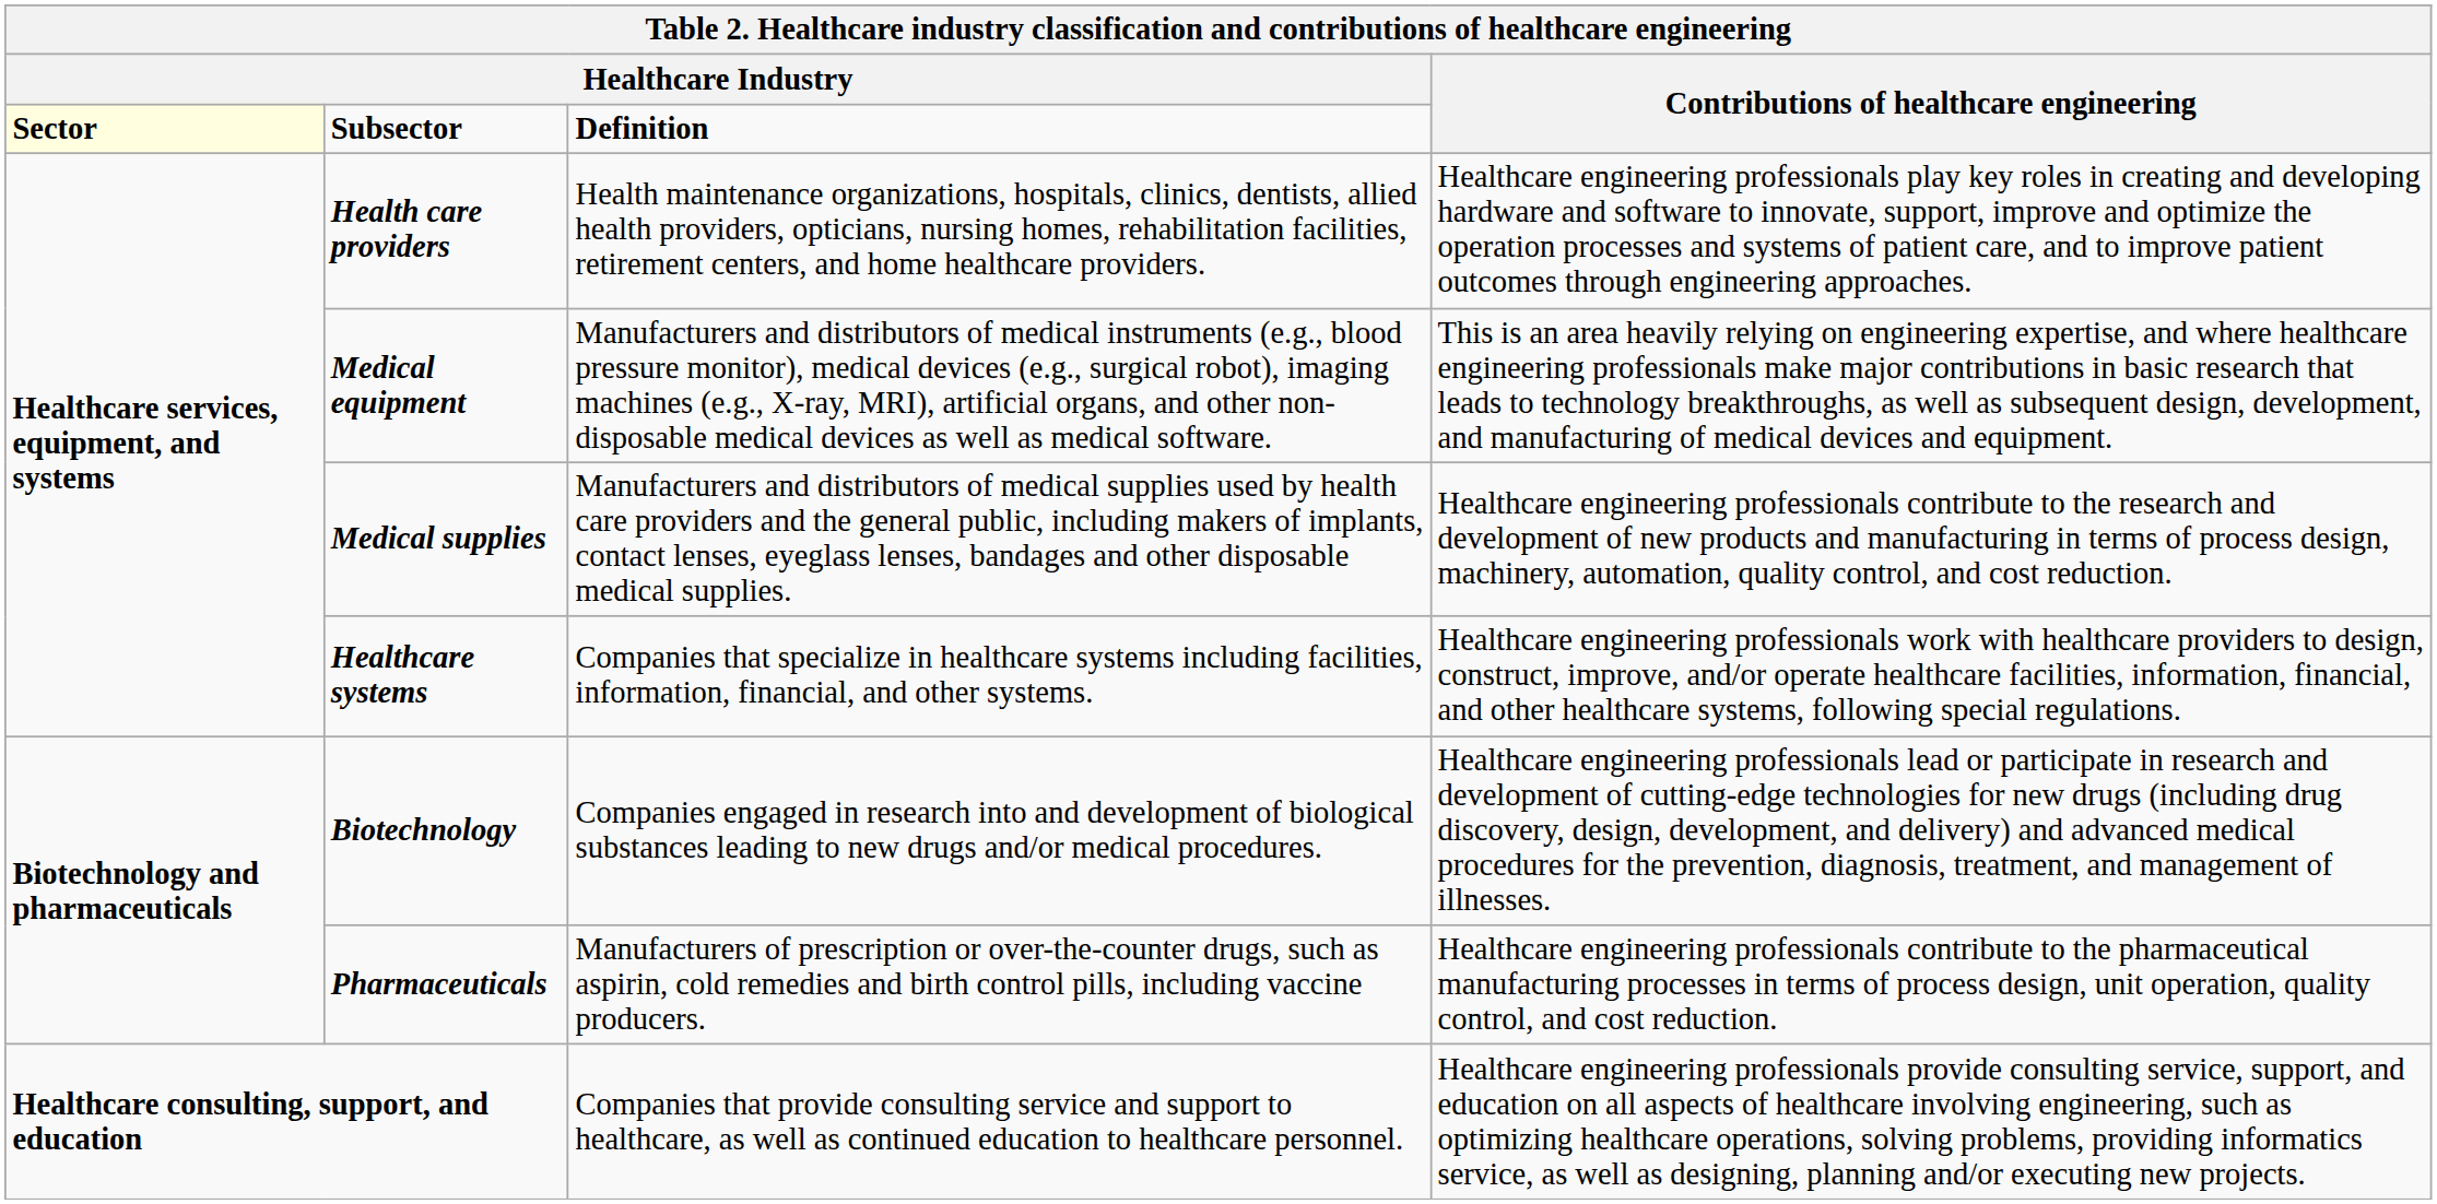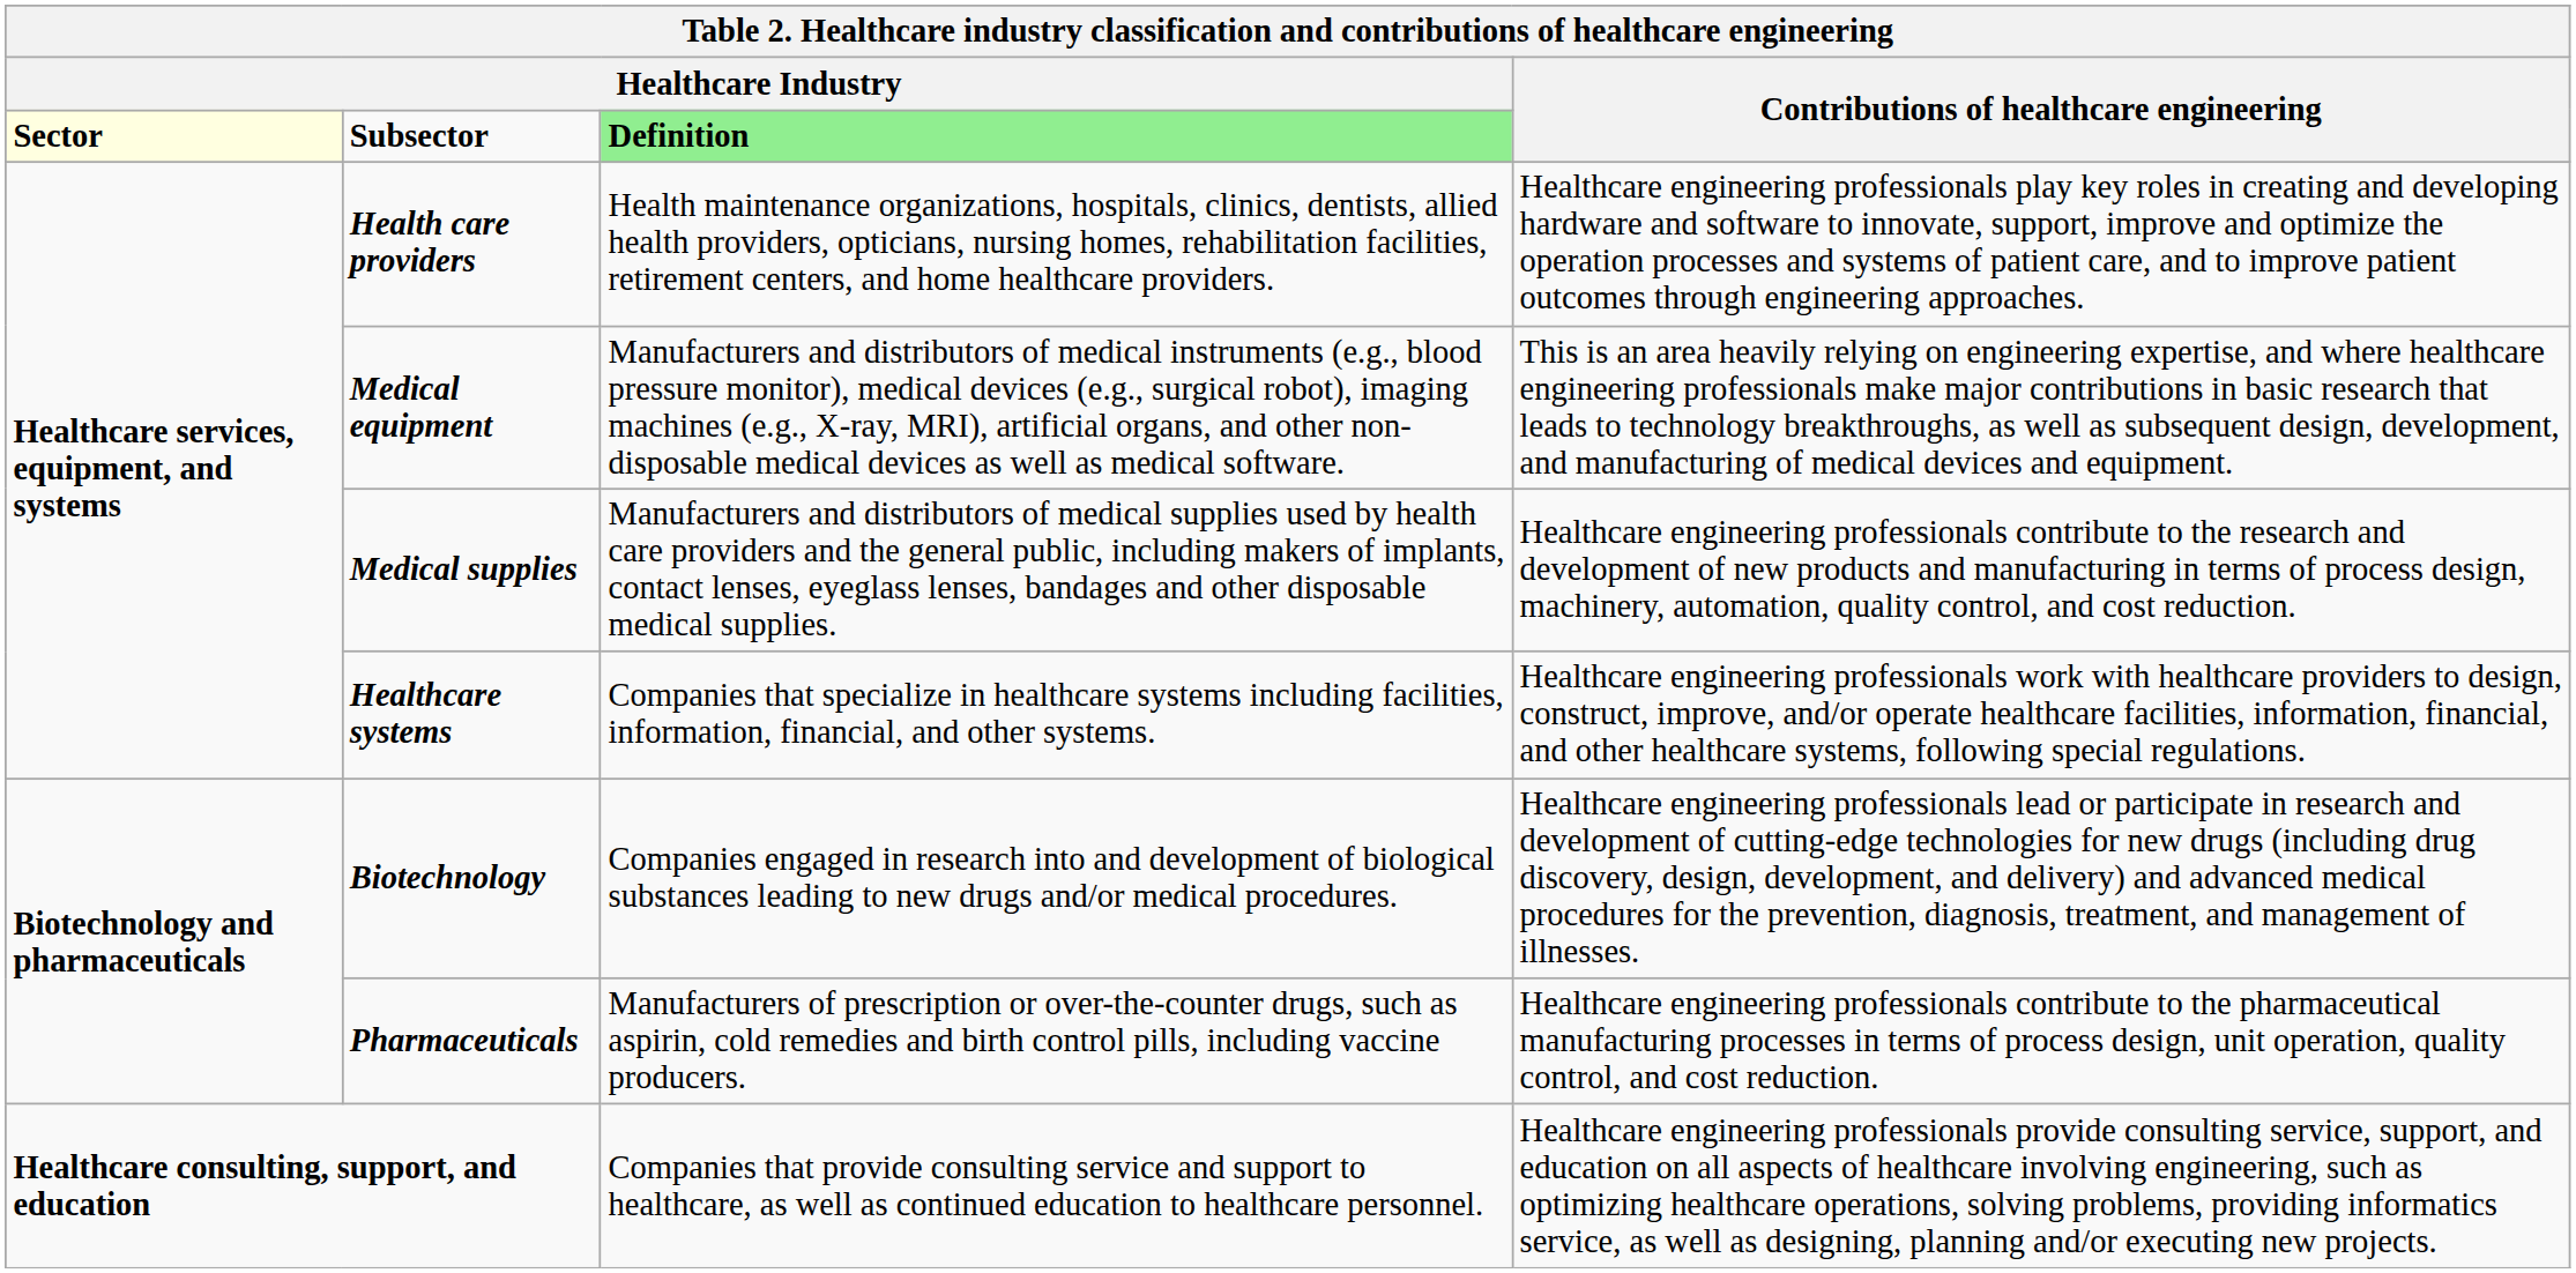 <table class="wikitable">
 <tr>
 <th colspan="4">Table 2. Healthcare industry classification and contributions of healthcare engineering</th>
 </tr>
 <tr>
 <th colspan="3"><strong>Healthcare Industry</strong></th>
 <th rowspan="2"><strong>Contributions of healthcare engineering</strong></th>
 </tr>
 <tr>
 <td style="background: lightyellow;"><strong>Sector</strong></td>
 <td><strong>Subsector</strong></td>
-<td><strong>Definition</strong></td>
+<td style="background: lightgreen;"><strong>Definition</strong></td>
 </tr>
 <tr>
 <td rowspan="4"><strong>Healthcare services, equipment, and systems</strong></td>
 <td><strong><em>Health care providers</em></strong></td>
 <td>Health maintenance organizations, hospitals, clinics, dentists, allied health providers, opticians, nursing homes, rehabilitation facilities, retirement centers, and home healthcare providers.</td>
 <td>Healthcare engineering professionals play key roles in creating and developing hardware and software to innovate, support, improve and optimize the operation processes and systems of patient care, and to improve patient outcomes through engineering approaches.</td>
 </tr>
 <tr>
 <td><strong><em>Medical equipment</em></strong></td>
 <td>Manufacturers and distributors of medical instruments (e.g., blood pressure monitor), medical devices (e.g., surgical robot), imaging machines (e.g., X-ray, MRI), artificial organs, and other non-disposable medical devices as well as medical software.</td>
 <td>This is an area heavily relying on engineering expertise, and where healthcare engineering professionals make major contributions in basic research that leads to technology breakthroughs, as well as subsequent design, development, and manufacturing of medical devices and equipment.</td>
 </tr>
 <tr>
 <td><strong><em>Medical supplies</em></strong></td>
 <td>Manufacturers and distributors of medical supplies used by health care providers and the general public, including makers of implants, contact lenses, eyeglass lenses, bandages and other disposable medical supplies.</td>
 <td>Healthcare engineering professionals contribute to the research and development of new products and manufacturing in terms of process design, machinery, automation, quality control, and cost reduction.</td>
 </tr>
 <tr>
 <td><strong><em>Healthcare systems</em></strong></td>
 <td>Companies that specialize in healthcare systems including facilities, information, financial, and other systems.</td>
 <td>Healthcare engineering professionals work with healthcare providers to design, construct, improve, and/or operate healthcare facilities, information, financial, and other healthcare systems, following special regulations.</td>
 </tr>
 <tr>
 <td rowspan="2"><strong>Biotechnology and pharmaceuticals</strong></td>
 <td><strong><em>Biotechnology</em></strong></td>
 <td>Companies engaged in research into and development of biological substances leading to new drugs and/or medical procedures.</td>
 <td>Healthcare engineering professionals lead or participate in research and development of cutting-edge technologies for new drugs (including drug discovery, design, development, and delivery) and advanced medical procedures for the prevention, diagnosis, treatment, and management of illnesses.</td>
 </tr>
 <tr>
 <td><strong><em>Pharmaceuticals</em></strong></td>
 <td>Manufacturers of prescription or over-the-counter drugs, such as aspirin, cold remedies and birth control pills, including vaccine producers.</td>
 <td>Healthcare engineering professionals contribute to the pharmaceutical manufacturing processes in terms of process design, unit operation, quality control, and cost reduction.</td>
 </tr>
 <tr>
 <td colspan="2"><strong>Healthcare consulting, support, and education</strong></td>
 <td>Companies that provide consulting service and support to healthcare, as well as continued education to healthcare personnel.</td>
 <td>Healthcare engineering professionals provide consulting service, support, and education on all aspects of healthcare involving engineering, such as optimizing healthcare operations, solving problems, providing informatics service, as well as designing, planning and/or executing new projects.</td>
 </tr>
 </table>
